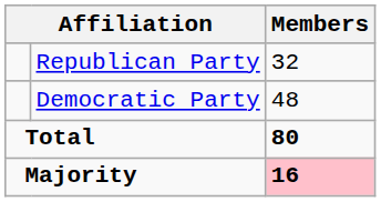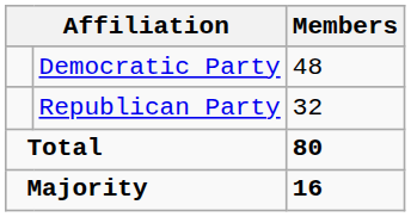 <table class="wikitable">
 <tr>
 <th colspan="2">Affiliation</th>
 <th>Members</th>
 </tr>
 <tr>
 <td style="background-color:"> </td>
-<td><a href='#'>Republican Party</a></td>
-<td>32</td>
+<td><a href='#'>Democratic Party</a></td>
+<td>48</td>
 </tr>
 <tr>
 <td style="background-color:"> </td>
-<td><a href='#'>Democratic Party</a></td>
-<td>48</td>
+<td><a href='#'>Republican Party</a></td>
+<td>32</td>
 </tr>
 <tr>
 <td colspan="2" rowspan="1"> <strong>Total</strong><br></td>
 <td><strong>80</strong></td>
 </tr>
 <tr>
 <td colspan="2" rowspan="1"> <strong>Majority</strong><br></td>
-<td style="background: pink;"><strong>16</strong></td>
+<td><strong>16</strong></td>
 </tr>
 </table>
